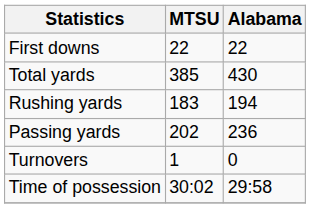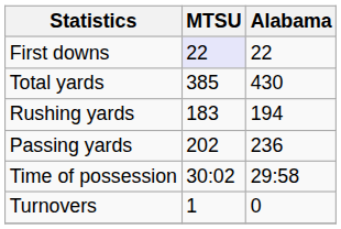 <table class="wikitable" style="float: left;">
 <tr>
 <th>Statistics</th>
 <th>MTSU</th>
 <th>Alabama</th>
 </tr>
 <tr>
 <td>First downs</td>
-<td>22</td>
+<td style="background: lavender;">22</td>
 <td>22</td>
 </tr>
 <tr>
 <td>Total yards</td>
 <td>385</td>
 <td>430</td>
 </tr>
 <tr>
 <td>Rushing yards</td>
 <td>183</td>
 <td>194</td>
 </tr>
 <tr>
 <td>Passing yards</td>
 <td>202</td>
 <td>236</td>
 </tr>
 <tr>
+<td>Time of possession</td>
+<td>30:02</td>
+<td>29:58</td>
+</tr>
+<tr>
 <td>Turnovers</td>
 <td>1</td>
 <td>0</td>
 </tr>
 <tr>
-<td>Time of possession</td>
-<td>30:02</td>
-<td>29:58</td>
-</tr>
-<tr>
 </tr>
 </table>
